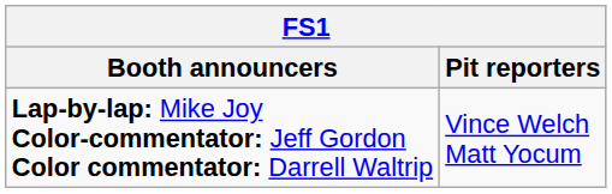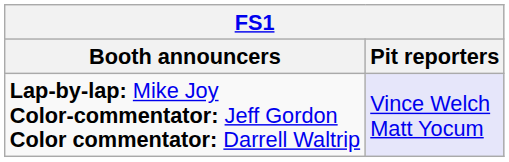 <table class="wikitable" style="font-size: 95%;">
 <tr>
 <th colspan="2"><a href='#'>FS1</a></th>
 </tr>
 <tr>
 <th>Booth announcers</th>
 <th>Pit reporters</th>
 </tr>
 <tr>
 <td><strong>Lap-by-lap:</strong> <a href='#'>Mike Joy</a><br><strong>Color-commentator:</strong> <a href='#'>Jeff Gordon</a><br><strong>Color commentator:</strong> <a href='#'>Darrell Waltrip</a></td>
-<td><a href='#'>Vince Welch</a><br><a href='#'>Matt Yocum</a></td>
+<td style="background: lavender;"><a href='#'>Vince Welch</a><br><a href='#'>Matt Yocum</a></td>
 </tr>
 </table>
